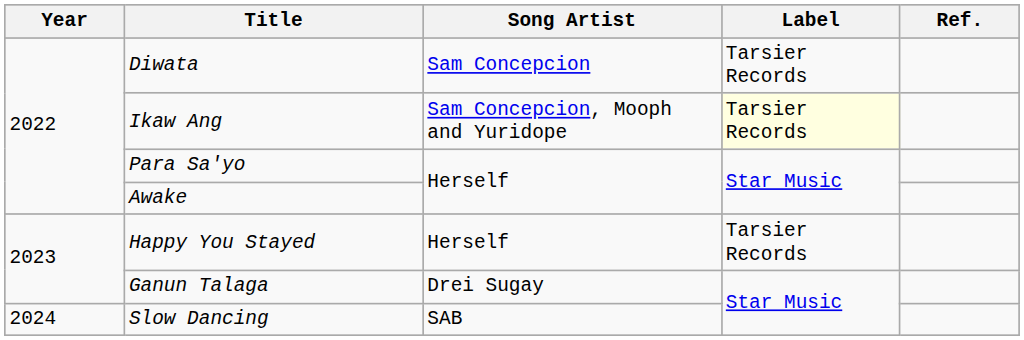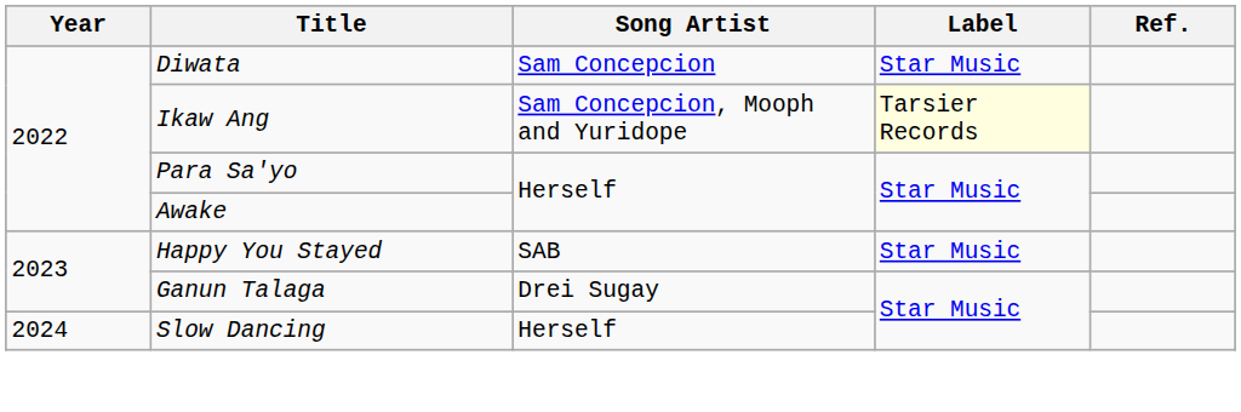 <table class="wikitable" style="font-size:90%">
 <tr>
 <th scope="col" width="10%">Year</th>
 <th scope="col" width="25%">Title</th>
 <th scope="col" width="25%">Song Artist</th>
 <th scope="col" width="15%">Label</th>
 <th scope="col" width="10%">Ref.</th>
 </tr>
 <tr>
 <td rowspan="4">2022</td>
 <td><em>Diwata</em></td>
 <td><a href='#'>Sam Concepcion</a></td>
-<td>Tarsier Records</td>
+<td><a href='#'>Star Music</a></td>
 <td align="center"></td>
 </tr>
 <tr>
 <td><em>Ikaw Ang</em></td>
 <td><a href='#'>Sam Concepcion</a>, Mooph and Yuridope</td>
 <td style="background: lightyellow;">Tarsier Records</td>
 <td align="center"></td>
 </tr>
 <tr>
 <td><em>Para Sa'yo</em></td>
 <td rowspan="2">Herself</td>
 <td rowspan="2"><a href='#'>Star Music</a></td>
 <td align="center"></td>
 </tr>
 <tr>
 <td><em>Awake</em></td>
 <td align="center"></td>
 </tr>
 <tr>
 <td rowspan="2">2023</td>
 <td><em>Happy You Stayed</em></td>
-<td>Herself</td>
-<td>Tarsier Records</td>
+<td>SAB</td>
+<td><a href='#'>Star Music</a></td>
 <td align="center"></td>
 </tr>
 <tr>
 <td><em>Ganun Talaga</em></td>
 <td>Drei Sugay</td>
 <td rowspan=2><a href='#'>Star Music</a></td>
 <td align="center"></td>
 </tr>
 <tr>
 <td>2024</td>
 <td><em>Slow Dancing</em></td>
-<td>SAB</td>
+<td>Herself</td>
 <td align="center"></td>
 </tr>
 </table>
